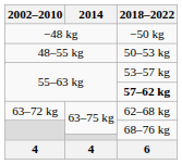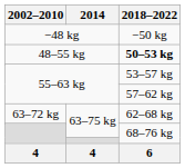 <table class="wikitable" style="text-align:center;">
 <tr>
 <th>2002–2010</th>
 <th>2014</th>
 <th>2018–2022</th>
 </tr>
 <tr>
 <td colspan=2>−48 kg</td>
 <td rowspan=2>−50 kg</td>
 </tr>
 <tr>
 <td rowspan=3 colspan=2>48–55 kg</td>
 </tr>
 <tr>
-<td>50–53 kg</td>
+<td><strong>50–53 kg</strong></td>
 </tr>
 <tr>
 <td rowspan=2>53–57 kg</td>
 </tr>
 <tr>
 <td rowspan=3 colspan=2>55–63 kg</td>
 </tr>
 <tr>
-<td><strong>57–62 kg</strong></td>
+<td>57–62 kg</td>
 </tr>
 <tr>
 <td rowspan=2>62–68 kg</td>
 </tr>
 <tr>
 <td rowspan=2>63–72 kg</td>
 <td rowspan=3>63–75 kg</td>
 </tr>
 <tr>
 <td rowspan=3>68–76 kg</td>
 </tr>
 <tr>
 <td rowspan=2 bgcolor=#DCDCDC></td>
 </tr>
 <tr>
 <td bgcolor=#DCDCDC></td>
 </tr>
 <tr>
 <th>4</th>
 <th>4</th>
 <th>6</th>
 </tr>
 </table>
